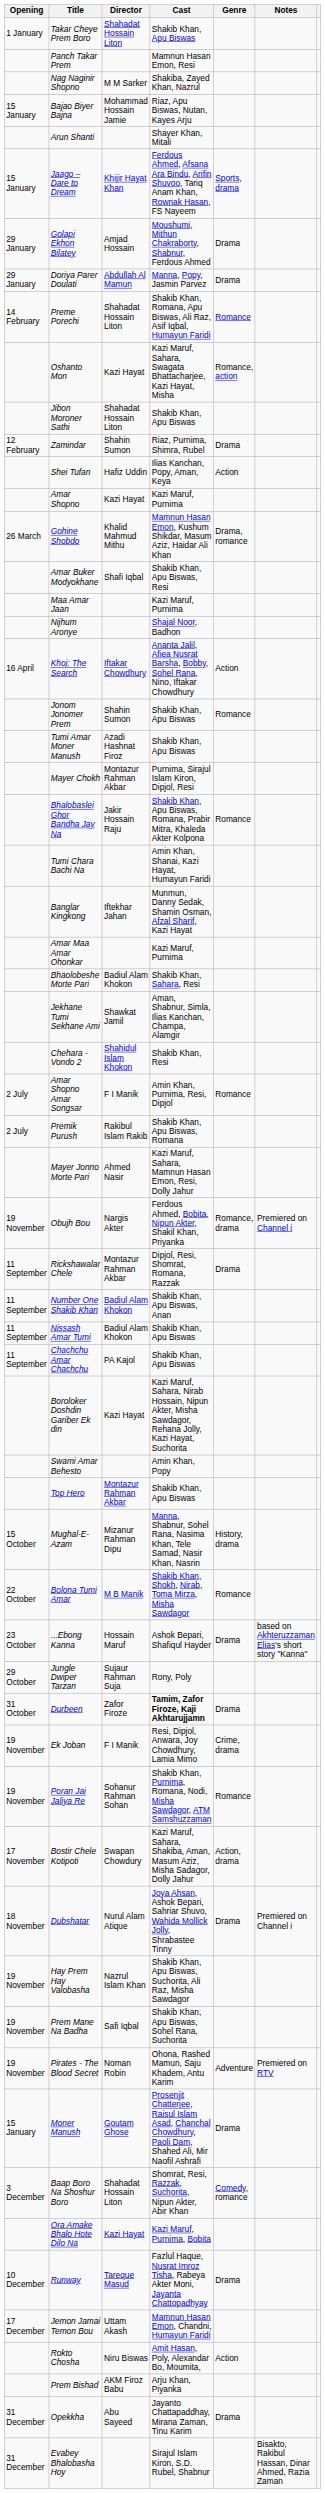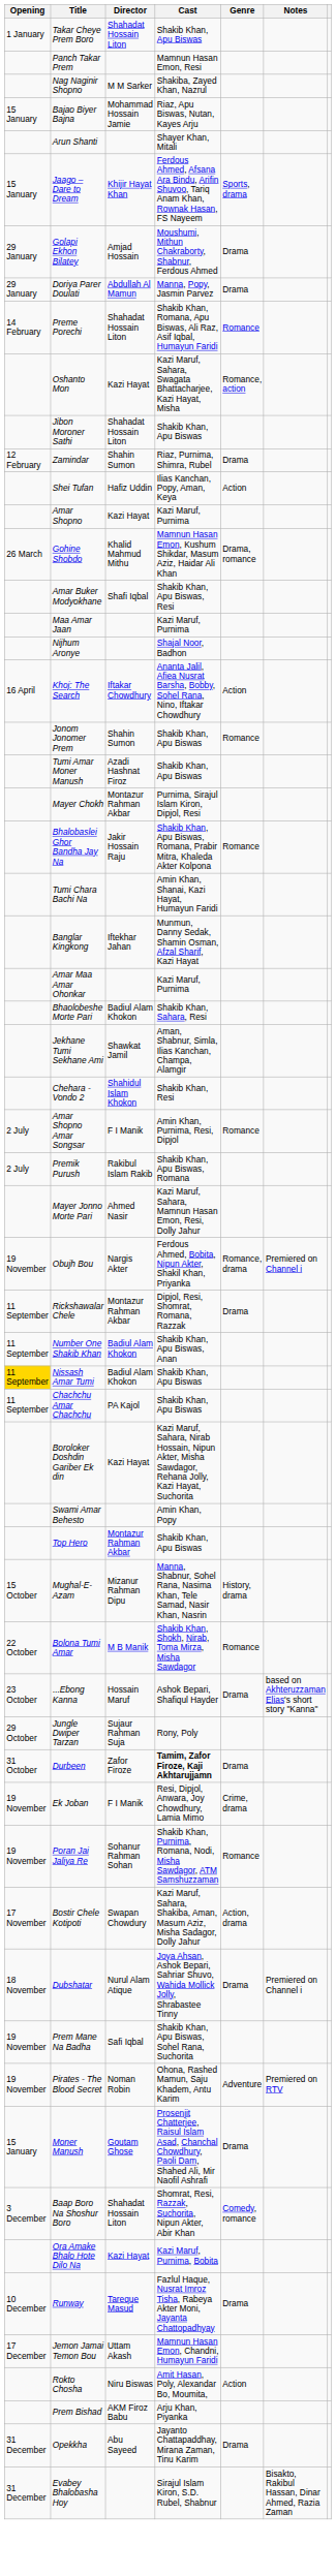 <table class="wikitable sortable">
 <tr>
 <th style="width:8%;">Opening</th>
 <th style="width:18%;">Title</th>
 <th style="width:18%;">Director</th>
 <th>Cast</th>
 <th>Genre</th>
 <th>Notes</th>
 <th style="width:4%;"></th>
 </tr>
 <tr>
 <td>1 January</td>
 <td><em>Takar Cheye Prem Boro</em></td>
 <td><a href='#'>Shahadat Hossain Liton</a></td>
 <td>Shakib Khan, <a href='#'>Apu Biswas</a></td>
 <td></td>
 <td></td>
 <td></td>
 </tr>
 <tr>
 <td></td>
 <td><em>Panch Takar Prem</em></td>
 <td></td>
 <td>Mamnun Hasan Emon, Resi</td>
 <td></td>
 <td></td>
 <td></td>
 </tr>
 <tr>
 <td></td>
 <td><em>Nag Naginir Shopno</em></td>
 <td>M M Sarker</td>
 <td>Shakiba, Zayed Khan, Nazrul</td>
 <td></td>
 <td></td>
 <td></td>
 </tr>
 <tr>
 <td>15 January</td>
 <td><em>Bajao Biyer Bajna</em></td>
 <td>Mohammad Hossain Jamie</td>
 <td>Riaz, Apu Biswas, Nutan, Kayes Arju</td>
 <td></td>
 <td></td>
 <td></td>
 </tr>
 <tr>
 <td></td>
 <td><em>Arun Shanti</em></td>
 <td></td>
 <td>Shayer Khan, Mitali</td>
 <td></td>
 <td></td>
 <td></td>
 </tr>
 <tr>
 <td>15 January</td>
 <td><em><a href='#'>Jaago – Dare to Dream</a></em></td>
 <td><a href='#'>Khijir Hayat Khan</a></td>
 <td><a href='#'>Ferdous Ahmed</a>, <a href='#'>Afsana Ara Bindu</a>, <a href='#'>Arifin Shuvoo</a>, Tariq Anam Khan, <a href='#'>Rownak Hasan</a>, FS Nayeem</td>
 <td><a href='#'>Sports</a>, <a href='#'>drama</a></td>
 <td></td>
 <td></td>
 </tr>
 <tr>
 <td>29 January</td>
 <td><em><a href='#'>Golapi Ekhon Bilatey</a></em></td>
 <td>Amjad Hossain</td>
 <td><a href='#'>Moushumi</a>, <a href='#'>Mithun Chakraborty</a>, <a href='#'>Shabnur</a>, Ferdous Ahmed</td>
 <td>Drama</td>
 <td></td>
 <td></td>
 </tr>
 <tr>
 <td>29 January</td>
 <td><em>Doriya Parer Doulati</em></td>
 <td><a href='#'>Abdullah Al Mamun</a></td>
 <td><a href='#'>Manna</a>, <a href='#'>Popy</a>, Jasmin Parvez</td>
 <td>Drama</td>
 <td></td>
 <td></td>
 </tr>
 <tr>
 <td>14 February</td>
 <td><em>Preme Porechi</em></td>
 <td>Shahadat Hossain Liton</td>
 <td>Shakib Khan, Romana, Apu Biswas, Ali Raz, Asif Iqbal, <a href='#'>Humayun Faridi</a></td>
 <td><a href='#'>Romance</a></td>
 <td></td>
 <td></td>
 </tr>
 <tr>
 <td></td>
 <td><em>Oshanto Mon</em></td>
 <td>Kazi Hayat</td>
 <td>Kazi Maruf, Sahara, Swagata Bhattacharjee, Kazi Hayat, Misha</td>
 <td>Romance, <a href='#'>action</a></td>
 <td></td>
 <td></td>
 </tr>
 <tr>
 <td></td>
 <td><em>Jibon Moroner Sathi</em></td>
 <td>Shahadat Hossain Liton</td>
 <td>Shakib Khan, Apu Biswas</td>
 <td></td>
 <td></td>
 <td></td>
 </tr>
 <tr>
 <td>12 February</td>
 <td><em>Zamindar</em></td>
 <td>Shahin Sumon</td>
 <td>Riaz, Purnima, Shimra, Rubel</td>
 <td>Drama</td>
 <td></td>
 <td></td>
 </tr>
 <tr>
 <td></td>
 <td><em>Shei Tufan</em></td>
 <td>Hafiz Uddin</td>
 <td>Ilias Kanchan, Popy, Aman, Keya</td>
 <td>Action</td>
 <td></td>
 <td></td>
 </tr>
 <tr>
 <td></td>
 <td><em>Amar Shopno</em></td>
 <td>Kazi Hayat</td>
 <td>Kazi Maruf, Purnima</td>
 <td></td>
 <td></td>
 <td></td>
 </tr>
 <tr>
 <td>26 March</td>
 <td><em><a href='#'>Gohine Shobdo</a></em></td>
 <td>Khalid Mahmud Mithu</td>
 <td><a href='#'>Mamnun Hasan Emon</a>, Kushum Shikdar, Masum Aziz, Haidar Ali Khan</td>
 <td>Drama, romance</td>
 <td></td>
 <td></td>
 </tr>
 <tr>
 <td></td>
 <td><em>Amar Buker Modyokhane</em></td>
 <td>Shafi Iqbal</td>
 <td>Shakib Khan, Apu Biswas, Resi</td>
 <td></td>
 <td></td>
 <td></td>
 </tr>
 <tr>
 <td></td>
 <td><em>Maa Amar Jaan</em></td>
 <td></td>
 <td>Kazi Maruf, Purnima</td>
 <td></td>
 <td></td>
 <td></td>
 </tr>
 <tr>
 <td></td>
 <td><em>Nijhum Aronye</em></td>
 <td></td>
 <td><a href='#'>Shajal Noor</a>, Badhon</td>
 <td></td>
 <td></td>
 <td></td>
 </tr>
 <tr>
 <td>16 April</td>
 <td><em><a href='#'>Khoj: The Search</a></em></td>
 <td><a href='#'>Iftakar Chowdhury</a></td>
 <td><a href='#'>Ananta Jalil</a>, <a href='#'>Afiea Nusrat Barsha</a>, <a href='#'>Bobby</a>, <a href='#'>Sohel Rana</a>, Nino, Iftakar Chowdhury</td>
 <td>Action</td>
 <td></td>
 <td></td>
 </tr>
 <tr>
 <td></td>
 <td><em>Jonom Jonomer Prem</em></td>
 <td>Shahin Sumon</td>
 <td>Shakib Khan, Apu Biswas</td>
 <td>Romance</td>
 <td></td>
 <td></td>
 </tr>
 <tr>
 <td></td>
 <td><em>Tumi Amar Moner Manush</em></td>
 <td>Azadi Hashnat Firoz</td>
 <td>Shakib Khan, Apu Biswas</td>
 <td></td>
 <td></td>
 <td></td>
 </tr>
 <tr>
 <td></td>
 <td><em>Mayer Chokh</em></td>
 <td>Montazur Rahman Akbar</td>
 <td>Purnima, Sirajul Islam Kiron, Dipjol, Resi</td>
 <td></td>
 <td></td>
 <td></td>
 </tr>
 <tr>
 <td></td>
 <td><em><a href='#'>Bhalobaslei Ghor Bandha Jay Na</a></em></td>
 <td>Jakir Hossain Raju</td>
 <td><a href='#'>Shakib Khan</a>, Apu Biswas, Romana, Prabir Mitra, Khaleda Akter Kolpona</td>
 <td>Romance</td>
 <td></td>
 <td></td>
 </tr>
 <tr>
 <td></td>
 <td><em>Tumi Chara Bachi Na</em></td>
 <td></td>
 <td>Amin Khan, Shanai, Kazi Hayat, Humayun Faridi</td>
 <td></td>
 <td></td>
 <td></td>
 </tr>
 <tr>
 <td></td>
 <td><em>Banglar Kingkong</em></td>
 <td>Iftekhar Jahan</td>
 <td>Munmun, Danny Sedak, Shamin Osman, <a href='#'>Afzal Sharif</a>, Kazi Hayat</td>
 <td></td>
 <td></td>
 <td></td>
 </tr>
 <tr>
 <td></td>
 <td><em>Amar Maa Amar Ohonkar</em></td>
 <td></td>
 <td>Kazi Maruf, Purnima</td>
 <td></td>
 <td></td>
 <td></td>
 </tr>
 <tr>
 <td></td>
 <td><em>Bhaolobeshe Morte Pari</em></td>
 <td>Badiul Alam Khokon</td>
 <td>Shakib Khan, <a href='#'>Sahara</a>, Resi</td>
 <td></td>
 <td></td>
 <td></td>
 </tr>
 <tr>
 <td></td>
 <td><em>Jekhane Tumi Sekhane Ami</em></td>
 <td>Shawkat Jamil</td>
 <td>Aman, Shabnur, Simla, Ilias Kanchan, Champa, Alamgir</td>
 <td></td>
 <td></td>
 <td></td>
 </tr>
 <tr>
 <td></td>
 <td><em>Chehara - Vondo 2</em></td>
 <td><a href='#'>Shahidul Islam Khokon</a></td>
 <td>Shakib Khan, Resi</td>
 <td></td>
 <td></td>
 <td></td>
 </tr>
 <tr>
 <td>2 July</td>
 <td><em>Amar Shopno Amar Songsar</em></td>
 <td>F I Manik</td>
 <td>Amin Khan, Purnima, Resi, Dipjol</td>
 <td>Romance</td>
 <td></td>
 <td></td>
 </tr>
 <tr>
 <td>2 July</td>
 <td><em>Premik Purush</em></td>
 <td>Rakibul Islam Rakib</td>
 <td>Shakib Khan, Apu Biswas, Romana</td>
 <td></td>
 <td></td>
 <td></td>
 </tr>
 <tr>
 <td></td>
 <td><em>Mayer Jonno Morte Pari</em></td>
 <td>Ahmed Nasir</td>
 <td>Kazi Maruf, Sahara, Mamnun Hasan Emon, Resi, Dolly Jahur</td>
 <td></td>
 <td></td>
 <td></td>
 </tr>
 <tr>
 <td>19 November</td>
 <td><em>Obujh Bou</em></td>
 <td>Nargis Akter</td>
 <td>Ferdous Ahmed, <a href='#'>Bobita</a>, <a href='#'>Nipun Akter</a>, Shakil Khan, Priyanka</td>
 <td>Romance, drama</td>
 <td>Premiered on <a href='#'>Channel i</a></td>
 <td></td>
 </tr>
 <tr>
 <td>11 September</td>
 <td><em>Rickshawalar Chele</em></td>
 <td>Montazur Rahman Akbar</td>
 <td>Dipjol, Resi, Shomrat, Romana, Razzak</td>
 <td>Drama</td>
 <td></td>
 <td></td>
 </tr>
 <tr>
 <td>11 September</td>
 <td><em><a href='#'>Number One Shakib Khan</a></em></td>
 <td><a href='#'>Badiul Alam Khokon</a></td>
 <td>Shakib Khan, Apu Biswas, Anan</td>
 <td></td>
 <td></td>
 <td></td>
 </tr>
 <tr>
-<td>11 September</td>
+<td style="background: gold;">11 September</td>
 <td><em><a href='#'>Nissash Amar Tumi</a></em></td>
 <td>Badiul Alam Khokon</td>
 <td>Shakib Khan, Apu Biswas</td>
 <td></td>
 <td></td>
 <td></td>
 </tr>
 <tr>
 <td>11 September</td>
 <td><em><a href='#'>Chachchu Amar Chachchu</a></em></td>
 <td>PA Kajol</td>
 <td>Shakib Khan, Apu Biswas</td>
 <td></td>
 <td></td>
 <td></td>
 </tr>
 <tr>
 <td></td>
 <td><em>Boroloker Doshdin Gariber Ek din</em></td>
 <td>Kazi Hayat</td>
 <td>Kazi Maruf, Sahara, Nirab Hossain, Nipun Akter, Misha Sawdagor, Rehana Jolly, Kazi Hayat, Suchorita</td>
 <td></td>
 <td></td>
 <td></td>
 </tr>
 <tr>
 <td></td>
 <td><em>Swami Amar Behesto</em></td>
 <td></td>
 <td>Amin Khan, Popy</td>
 <td></td>
 <td></td>
 <td></td>
 </tr>
 <tr>
 <td></td>
 <td><em><a href='#'>Top Hero</a></em></td>
 <td><a href='#'>Montazur Rahman Akbar</a></td>
 <td>Shakib Khan, Apu Biswas</td>
 <td></td>
 <td></td>
 <td></td>
 </tr>
 <tr>
 <td>15 October</td>
 <td><em>Mughal-E-Azam</em></td>
 <td>Mizanur Rahman Dipu</td>
 <td><a href='#'>Manna</a>, Shabnur, Sohel Rana, Nasima Khan, Tele Samad, Nasir Khan, Nasrin</td>
 <td>History, drama</td>
 <td></td>
 <td></td>
 </tr>
 <tr>
 <td>22 October</td>
 <td><em><a href='#'>Bolona Tumi Amar</a></em></td>
 <td><a href='#'>M B Manik</a></td>
 <td><a href='#'>Shakib Khan</a>, <a href='#'>Shokh</a>, <a href='#'>Nirab</a>, <a href='#'>Toma Mirza</a>, <a href='#'>Misha Sawdagor</a></td>
 <td>Romance</td>
 <td></td>
 <td></td>
 </tr>
 <tr>
 <td>23 October</td>
 <td>...<em>Ebong Kanna</em></td>
 <td>Hossain Maruf</td>
 <td>Ashok Bepari, Shafiqul Hayder</td>
 <td>Drama</td>
 <td>based on <a href='#'>Akhteruzzaman Elias</a>'s short story "Kanna"</td>
 <td></td>
 </tr>
 <tr>
 <td>29 October</td>
 <td><em>Jungle Dwiper Tarzan</em></td>
 <td>Sujaur Rahman Suja</td>
 <td>Rony, Poly</td>
 <td></td>
 <td></td>
 <td></td>
 </tr>
 <tr>
 <td>31 October</td>
 <td><em><a href='#'>Durbeen</a></em></td>
 <td>Zafor Firoze</td>
 <td><strong>Tamim, Zafor Firoze, Kaji Akhtarujjamn</strong></td>
 <td>Drama</td>
 <td></td>
 <td></td>
 </tr>
 <tr>
 <td>19 November</td>
 <td><em>Ek Joban</em></td>
 <td>F I Manik</td>
 <td>Resi, Dipjol, Anwara, Joy Chowdhury, Lamia Mimo</td>
 <td>Crime, drama</td>
 <td></td>
 <td></td>
 </tr>
 <tr>
 <td>19 November</td>
 <td><em><a href='#'>Poran Jai Jaliya Re</a></em></td>
 <td>Sohanur Rahman Sohan</td>
 <td>Shakib Khan, <a href='#'>Purnima</a>, Romana, Nodi, <a href='#'>Misha Sawdagor</a>, <a href='#'>ATM Samshuzzaman</a></td>
 <td>Romance</td>
 <td></td>
 <td></td>
 </tr>
 <tr>
 <td>17 November</td>
 <td><em>Bostir Chele Kotipoti</em></td>
 <td>Swapan Chowdury</td>
 <td>Kazi Maruf, Sahara, Shakiba, Aman, Masum Aziz, Misha Sadagor, Dolly Jahur</td>
 <td>Action, drama</td>
 <td></td>
 <td></td>
 </tr>
 <tr>
 <td>18 November</td>
 <td><em><a href='#'>Dubshatar</a></em></td>
 <td>Nurul Alam Atique</td>
 <td><a href='#'>Joya Ahsan</a>, Ashok Bepari, Sahriar Shuvo, <a href='#'>Wahida Mollick Jolly</a>, Shrabastee Tinny</td>
 <td>Drama</td>
 <td>Premiered on Channel i</td>
 <td></td>
 </tr>
 <tr>
 <td>19 November</td>
-<td><em>Hay Prem Hay Valobasha</em></td>
-<td>Nazrul Islam Khan</td>
-<td>Shakib Khan, Apu Biswas, Suchorita, Ali Raz, Misha Sawdagor</td>
-<td></td>
-<td></td>
-<td></td>
-</tr>
-<tr>
-<td>19 November</td>
 <td><em>Prem Mane Na Badha</em></td>
 <td>Safi Iqbal</td>
 <td>Shakib Khan, Apu Biswas, Sohel Rana, Suchorita</td>
 <td></td>
 <td></td>
 <td></td>
 </tr>
 <tr>
 <td>19 November</td>
 <td><em>Pirates - The Blood Secret</em></td>
 <td>Noman Robin</td>
 <td>Ohona, Rashed Mamun, Saju Khadem, Antu Karim</td>
 <td>Adventure</td>
 <td>Premiered on <a href='#'>RTV</a></td>
 <td></td>
 </tr>
 <tr>
 <td>15 January</td>
 <td><em><a href='#'>Moner Manush</a></em></td>
 <td><a href='#'>Goutam Ghose</a></td>
 <td><a href='#'>Prosenjit Chatterjee</a>, <a href='#'>Raisul Islam Asad</a>, <a href='#'>Chanchal Chowdhury</a>, <a href='#'>Paoli Dam</a>, Shahed Ali, Mir Naofil Ashrafi</td>
 <td>Drama</td>
 <td></td>
 <td></td>
 </tr>
 <tr>
 <td>3 December</td>
 <td><em>Baap Boro Na Shoshur Boro</em></td>
 <td>Shahadat Hossain Liton</td>
 <td>Shomrat, Resi, <a href='#'>Razzak</a>, <a href='#'>Suchorita</a>, Nipun Akter, Abir Khan</td>
 <td><a href='#'>Comedy</a>, romance</td>
 <td></td>
 <td></td>
 </tr>
 <tr>
 <td></td>
 <td><em><a href='#'>Ora Amake Bhalo Hote Dilo Na</a></em></td>
 <td><a href='#'>Kazi Hayat</a></td>
 <td><a href='#'>Kazi Maruf</a>, <a href='#'>Purnima</a>, <a href='#'>Bobita</a></td>
 <td></td>
 <td></td>
 <td></td>
 </tr>
 <tr>
 <td>10 December</td>
 <td><em><a href='#'>Runway</a></em></td>
 <td><a href='#'>Tareque Masud</a></td>
 <td>Fazlul Haque, <a href='#'>Nusrat Imroz Tisha</a>, Rabeya Akter Moni, <a href='#'>Jayanta Chattopadhyay</a></td>
 <td>Drama</td>
 <td></td>
 </tr>
 <tr>
 <td>17 December</td>
 <td><em>Jemon Jamai Temon Bou</em></td>
 <td>Uttam Akash</td>
 <td><a href='#'>Mamnun Hasan Emon</a>, Chandni, <a href='#'>Humayun Faridi</a></td>
 <td></td>
 <td></td>
 <td></td>
 </tr>
 <tr>
 <td></td>
 <td><em>Rokto Chosha</em></td>
 <td>Niru Biswas</td>
 <td><a href='#'>Amit Hasan</a>, Poly, Alexandar Bo, Moumita,</td>
 <td>Action</td>
 <td></td>
 <td></td>
 </tr>
 <tr>
 <td></td>
 <td><em>Prem Bishad</em></td>
 <td>AKM Firoz Babu</td>
 <td>Arju Khan, Piyanka</td>
 <td></td>
 <td></td>
 <td></td>
 </tr>
 <tr>
 <td>31 December</td>
 <td><em>Opekkha</em></td>
 <td>Abu Sayeed</td>
 <td>Jayanto Chattapaddhay, Mirana Zaman, Tinu Karim</td>
 <td>Drama</td>
 <td></td>
 <td></td>
 </tr>
 <tr>
 <td>31 December</td>
 <td><em>Evabey Bhalobasha Hoy</em></td>
 <td></td>
 <td>Sirajul Islam Kiron, S.D. Rubel, Shabnur</td>
 <td></td>
 <td>Bisakto, Rakibul Hassan, Dinar Ahmed, Razia Zaman</td>
 <td></td>
 </tr>
 </table>
